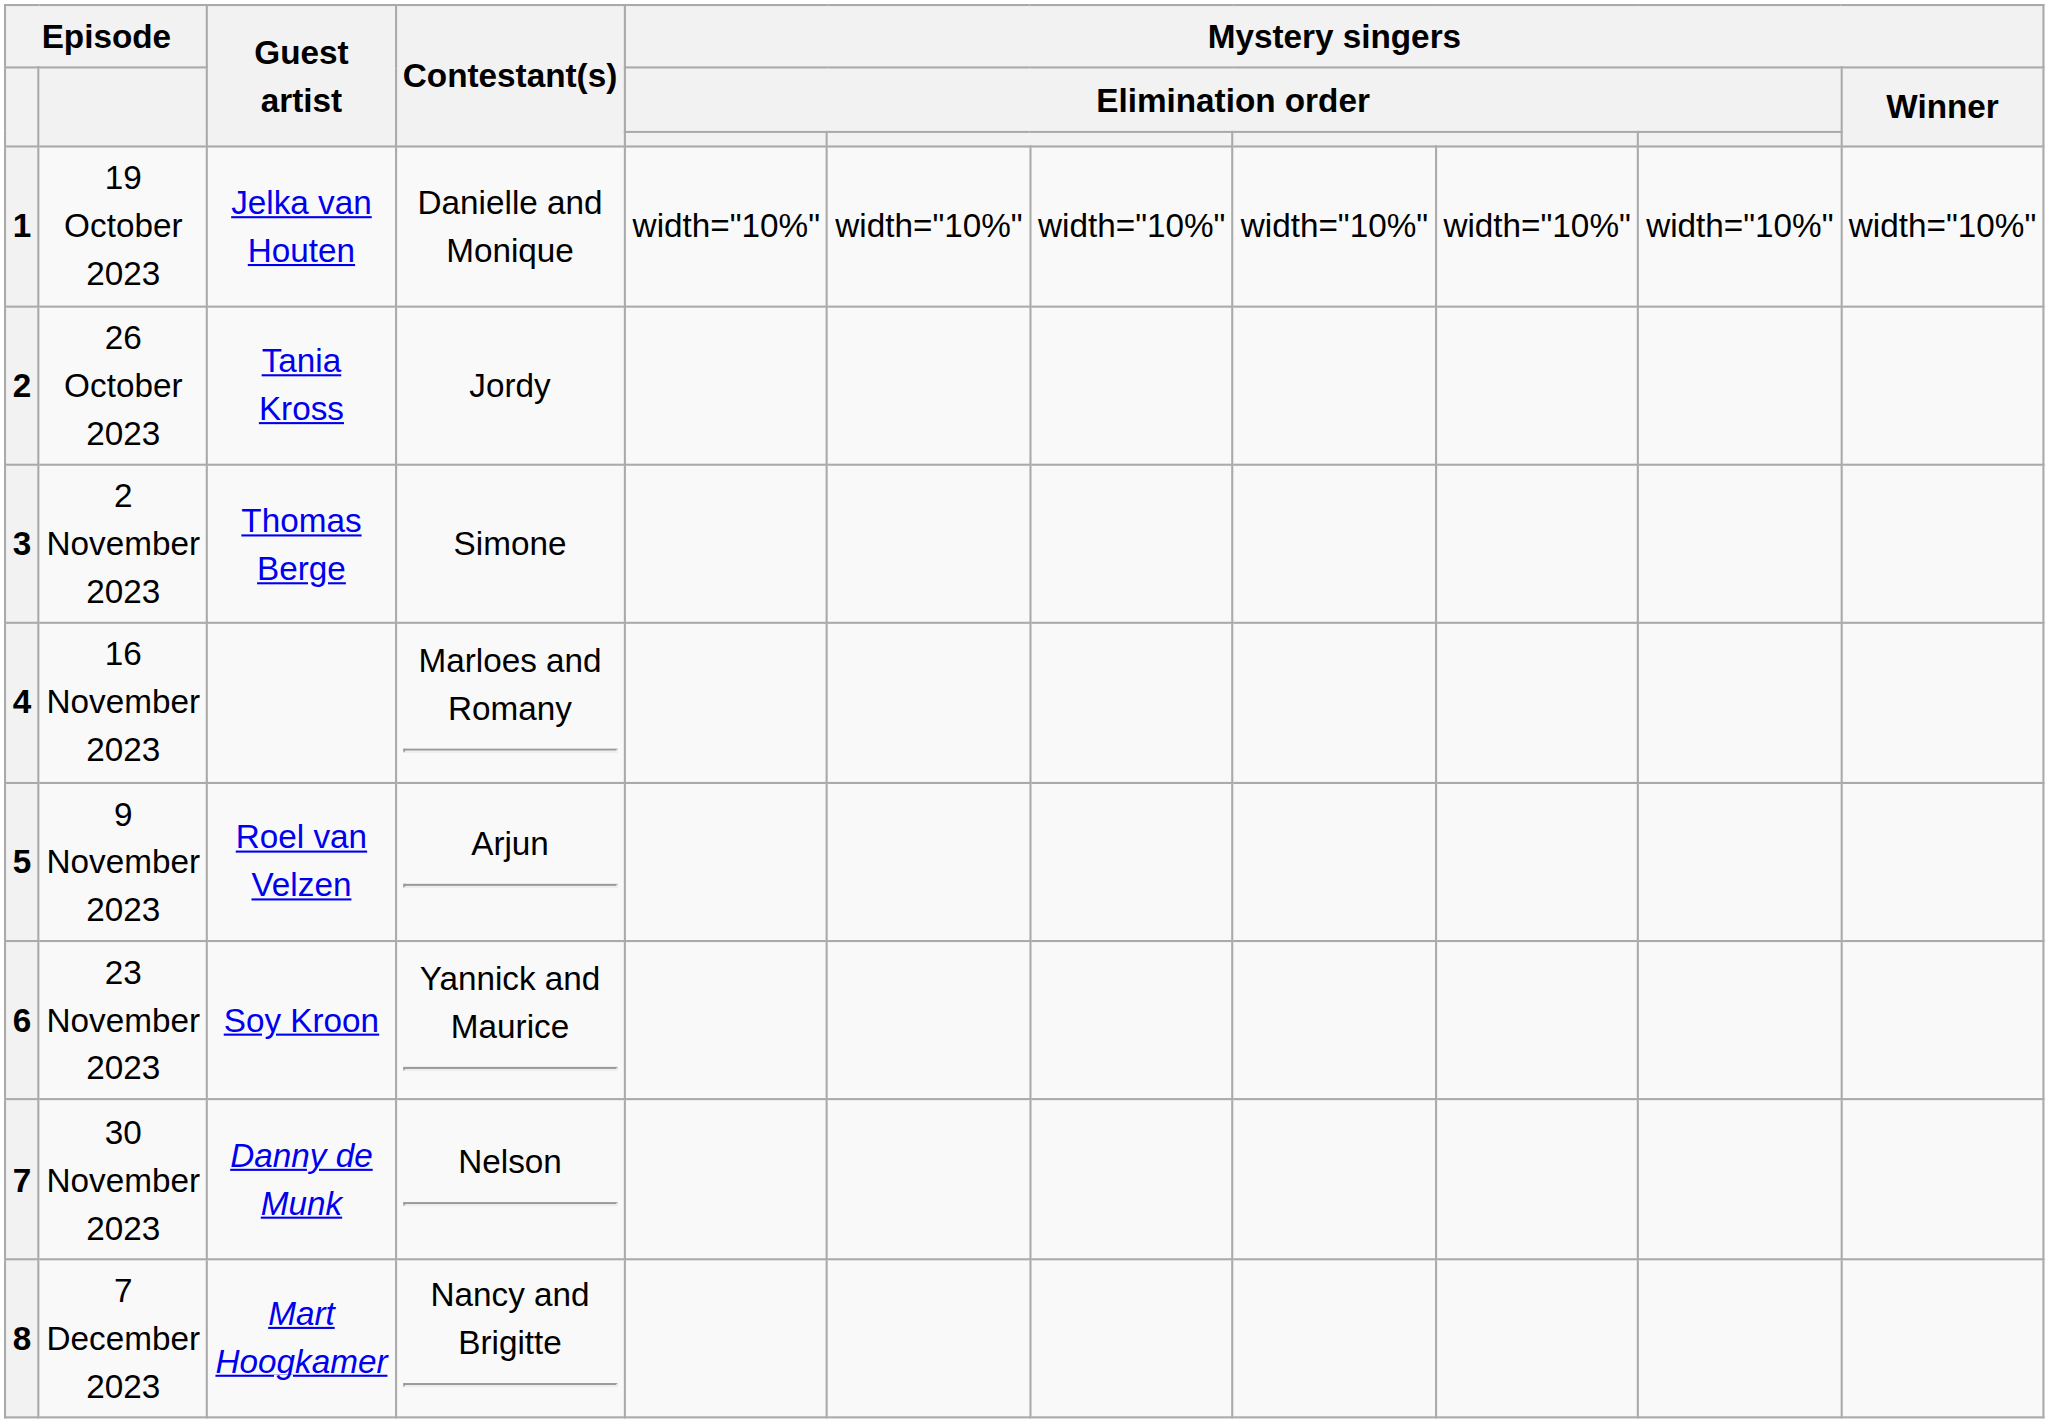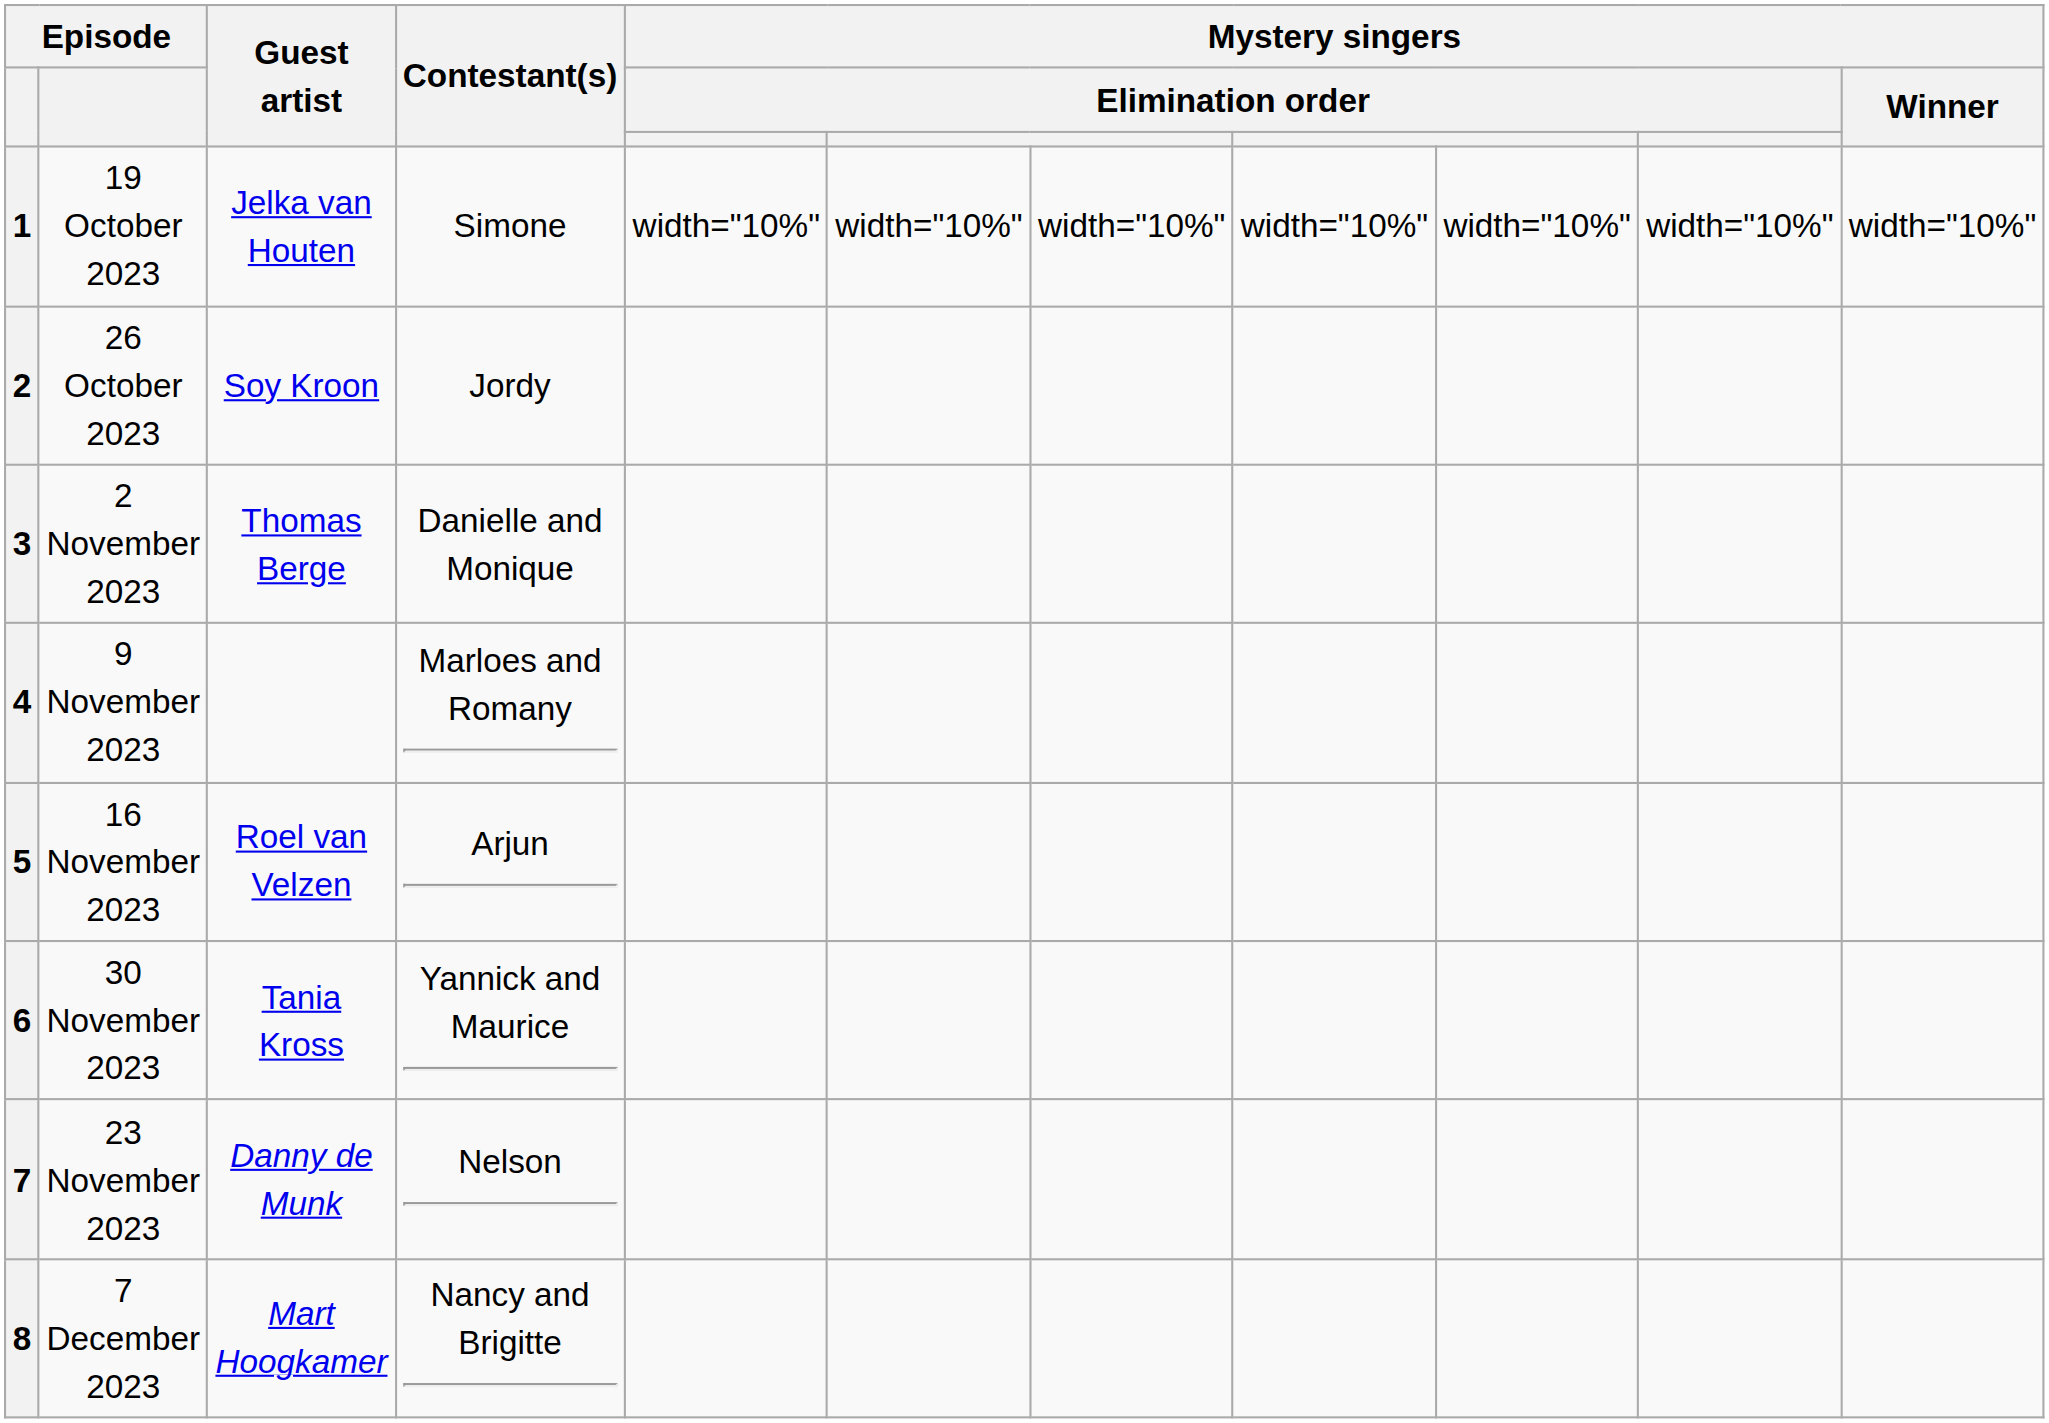 <table class="wikitable plainrowheaders mw-collapsible" style="text-align:center; line-height:23px; width:100%;">
 <tr>
 <th colspan="2" width="1%">Episode</th>
 <th rowspan="3" width="10%">Guest artist</th>
 <th rowspan="3" width="10%">Contestant(s)</th>
 <th colspan="7">Mystery singers<br></th>
 </tr>
 <tr>
 <th rowspan="2"></th>
 <th rowspan="2"></th>
 <th colspan="6">Elimination order</th>
 <th rowspan="2">Winner</th>
 </tr>
 <tr>
 <th></th>
 <th colspan="2"></th>
 <th colspan="2"></th>
 <th></th>
 </tr>
 <tr>
 <th>1</th>
 <td>19 October 2023</td>
 <td><a href='#'>Jelka van Houten</a></td>
-<td>Danielle and Monique</td>
+<td>Simone</td>
 <td>width="10%" </td>
 <td>width="10%" </td>
 <td>width="10%" </td>
 <td>width="10%" </td>
 <td>width="10%" </td>
 <td>width="10%" </td>
 <td>width="10%" </td>
 </tr>
 <tr>
 <th>2</th>
 <td>26 October 2023</td>
-<td><a href='#'>Tania Kross</a></td>
+<td><a href='#'>Soy Kroon</a></td>
 <td>Jordy</td>
 <td></td>
 <td></td>
 <td></td>
 <td></td>
 <td></td>
 <td></td>
 <td></td>
 </tr>
 <tr>
 <th>3</th>
 <td>2 November 2023</td>
 <td><a href='#'>Thomas Berge</a></td>
-<td>Simone</td>
+<td>Danielle and Monique</td>
 <td></td>
 <td></td>
 <td></td>
 <td></td>
 <td></td>
 <td></td>
 <td></td>
 </tr>
 <tr>
 <th>4</th>
-<td>16 November 2023</td>
+<td>9 November 2023</td>
 <td></td>
 <td>Marloes and Romany<hr></td>
 <td></td>
 <td></td>
 <td></td>
 <td></td>
 <td></td>
 <td></td>
 <td></td>
 </tr>
 <tr>
 <th>5</th>
-<td>9 November 2023</td>
+<td>16 November 2023</td>
 <td><a href='#'>Roel van Velzen</a></td>
 <td>Arjun<hr></td>
 <td></td>
 <td></td>
 <td></td>
 <td></td>
 <td></td>
 <td></td>
 <td></td>
 </tr>
 <tr>
 <th>6</th>
-<td>23 November 2023</td>
-<td><a href='#'>Soy Kroon</a></td>
+<td>30 November 2023</td>
+<td><a href='#'>Tania Kross</a></td>
 <td>Yannick and Maurice<hr></td>
 <td></td>
 <td></td>
 <td></td>
 <td></td>
 <td></td>
 <td></td>
 <td></td>
 </tr>
 <tr>
 <th>7</th>
-<td>30 November 2023</td>
+<td>23 November 2023</td>
 <td><em><a href='#'>Danny de Munk</a></em></td>
 <td>Nelson<hr></td>
 <td></td>
 <td></td>
 <td></td>
 <td></td>
 <td></td>
 <td></td>
 <td></td>
 </tr>
 <tr>
 <th>8</th>
 <td>7 December 2023</td>
 <td><em><a href='#'>Mart Hoogkamer</a></em></td>
 <td>Nancy and Brigitte<hr></td>
 <td></td>
 <td></td>
 <td></td>
 <td></td>
 <td></td>
 <td></td>
 <td></td>
 </tr>
 </table>
